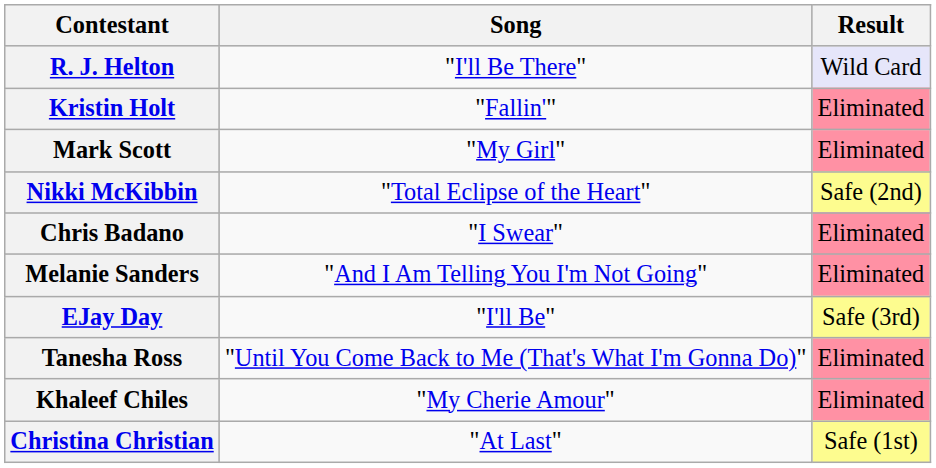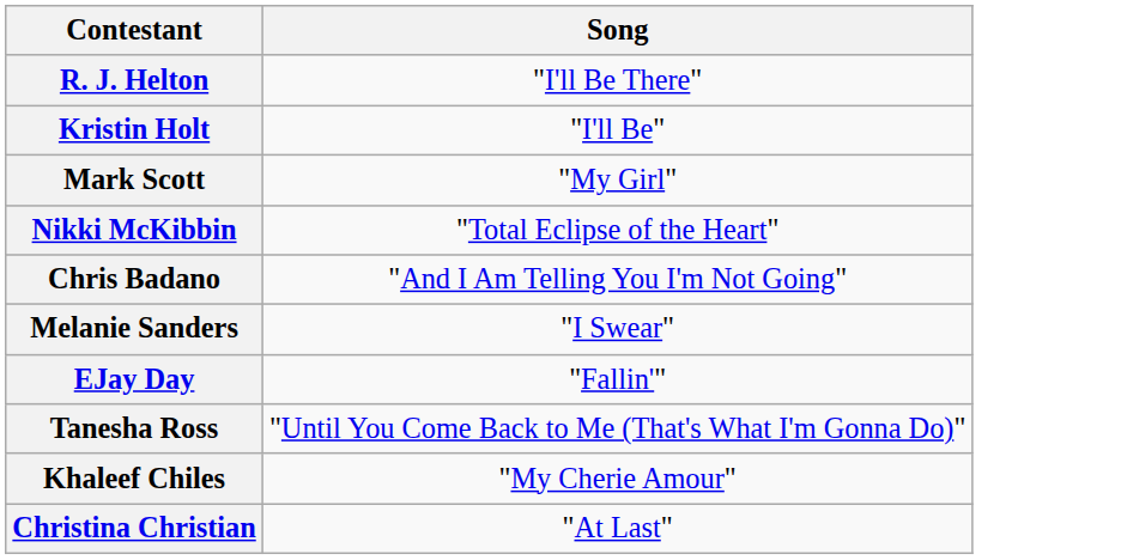 <table class="wikitable" style="text-align:center; line-height:20px;">
 <tr>
 <th scope="col">Contestant</th>
 <th scope="col">Song</th>
-<th scope="col">Result</th>
 </tr>
 <tr>
 <th scope="row"><a href='#'>R. J. Helton</a></th>
 <td>"<a href='#'>I'll Be There</a>"</td>
-<td style="background:#E6E6FA;">Wild Card</td>
 </tr>
 <tr>
 <th scope="row"><a href='#'>Kristin Holt</a></th>
-<td>"<a href='#'>Fallin'</a>"</td>
-<td style="background:#FF91A4;">Eliminated</td>
+<td>"<a href='#'>I'll Be</a>"</td>
 </tr>
 <tr>
 <th scope="row">Mark Scott</th>
 <td>"<a href='#'>My Girl</a>"</td>
-<td style="background:#FF91A4;">Eliminated</td>
 </tr>
 <tr>
 <th scope="row"><a href='#'>Nikki McKibbin</a></th>
 <td>"<a href='#'>Total Eclipse of the Heart</a>"</td>
-<td style="background:#fdfc8f;">Safe (2nd)</td>
 </tr>
 <tr>
 <th scope="row">Chris Badano</th>
-<td>"<a href='#'>I Swear</a>"</td>
-<td style="background:#FF91A4;">Eliminated</td>
+<td>"<a href='#'>And I Am Telling You I'm Not Going</a>"</td>
 </tr>
 <tr>
 <th scope="row">Melanie Sanders</th>
-<td>"<a href='#'>And I Am Telling You I'm Not Going</a>"</td>
-<td style="background:#FF91A4;">Eliminated</td>
+<td>"<a href='#'>I Swear</a>"</td>
 </tr>
 <tr>
 <th scope="row"><a href='#'>EJay Day</a></th>
-<td>"<a href='#'>I'll Be</a>"</td>
-<td style="background:#fdfc8f;">Safe (3rd)</td>
+<td>"<a href='#'>Fallin'</a>"</td>
 </tr>
 <tr>
 <th scope="row">Tanesha Ross</th>
 <td>"<a href='#'>Until You Come Back to Me (That's What I'm Gonna Do)</a>"</td>
-<td style="background:#FF91A4;">Eliminated</td>
 </tr>
 <tr>
 <th scope="row">Khaleef Chiles</th>
 <td>"<a href='#'>My Cherie Amour</a>"</td>
-<td style="background:#FF91A4;">Eliminated</td>
 </tr>
 <tr>
 <th scope="row"><a href='#'>Christina Christian</a></th>
 <td>"<a href='#'>At Last</a>"</td>
-<td style="background:#fdfc8f;">Safe (1st)</td>
 </tr>
 </table>
